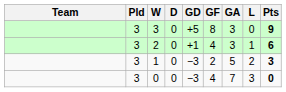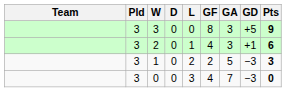 <table class="wikitable" style="text-align:center;">
 <tr>
 <th width=180>Team</th>
 <th width=20>Pld</th>
 <th width=20>W</th>
 <th width=20>D</th>
-<th width=20>GD</th>
+<th width=20>L</th>
 <th width=20>GF</th>
 <th width=20>GA</th>
-<th width=20>L</th>
+<th width=20>GD</th>
 <th width=20>Pts</th>
 </tr>
 <tr align=center style="background:#ccffcc;">
 <td style="text-align:left;"></td>
 <td>3</td>
 <td>3</td>
 <td>0</td>
-<td>+5</td>
+<td>0</td>
 <td>8</td>
 <td>3</td>
-<td>0</td>
+<td>+5</td>
 <td><strong>9</strong></td>
 </tr>
 <tr align=center style="background:#ccffcc;">
 <td style="text-align:left;"></td>
 <td>3</td>
 <td>2</td>
 <td>0</td>
-<td>+1</td>
+<td>1</td>
 <td>4</td>
 <td>3</td>
-<td>1</td>
+<td>+1</td>
 <td><strong>6</strong></td>
 </tr>
 <tr align=center>
 <td style="text-align:left;"></td>
 <td>3</td>
 <td>1</td>
 <td>0</td>
-<td>−3</td>
+<td>2</td>
 <td>2</td>
 <td>5</td>
-<td>2</td>
+<td>−3</td>
 <td><strong>3</strong></td>
 </tr>
 <tr align=center>
 <td style="text-align:left;"></td>
 <td>3</td>
 <td>0</td>
 <td>0</td>
-<td>−3</td>
+<td>3</td>
 <td>4</td>
 <td>7</td>
-<td>3</td>
+<td>−3</td>
 <td><strong>0</strong></td>
 </tr>
 </table>
